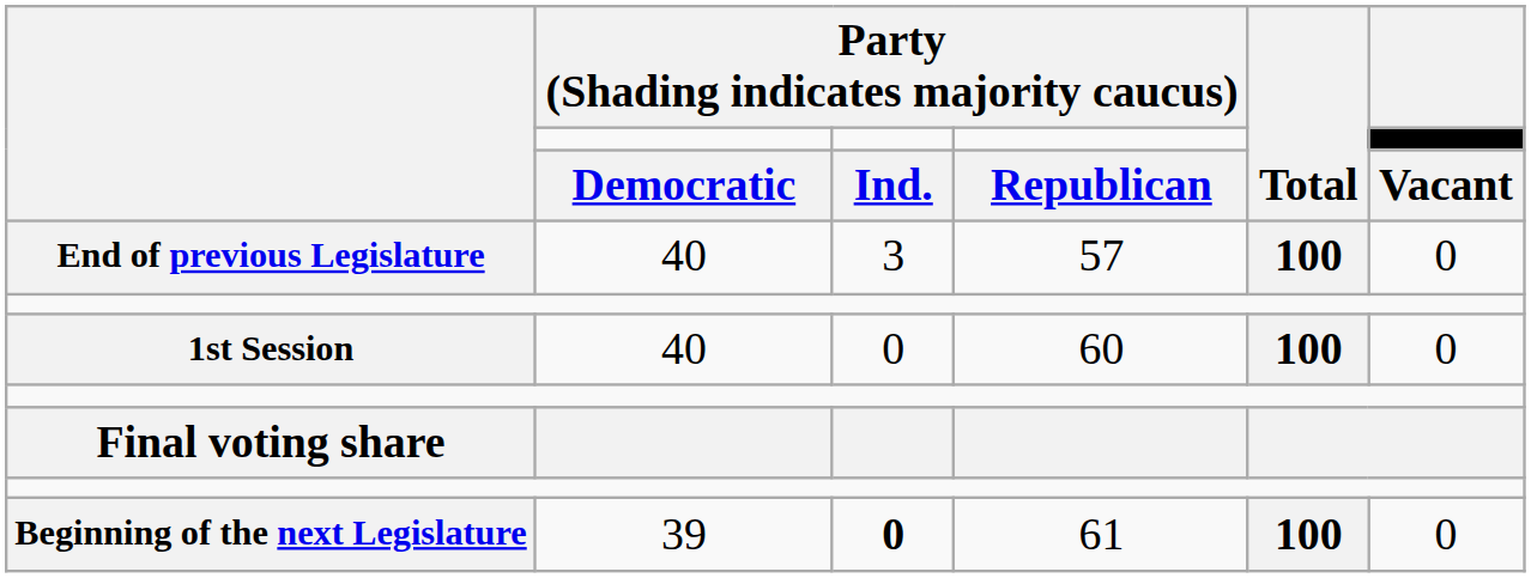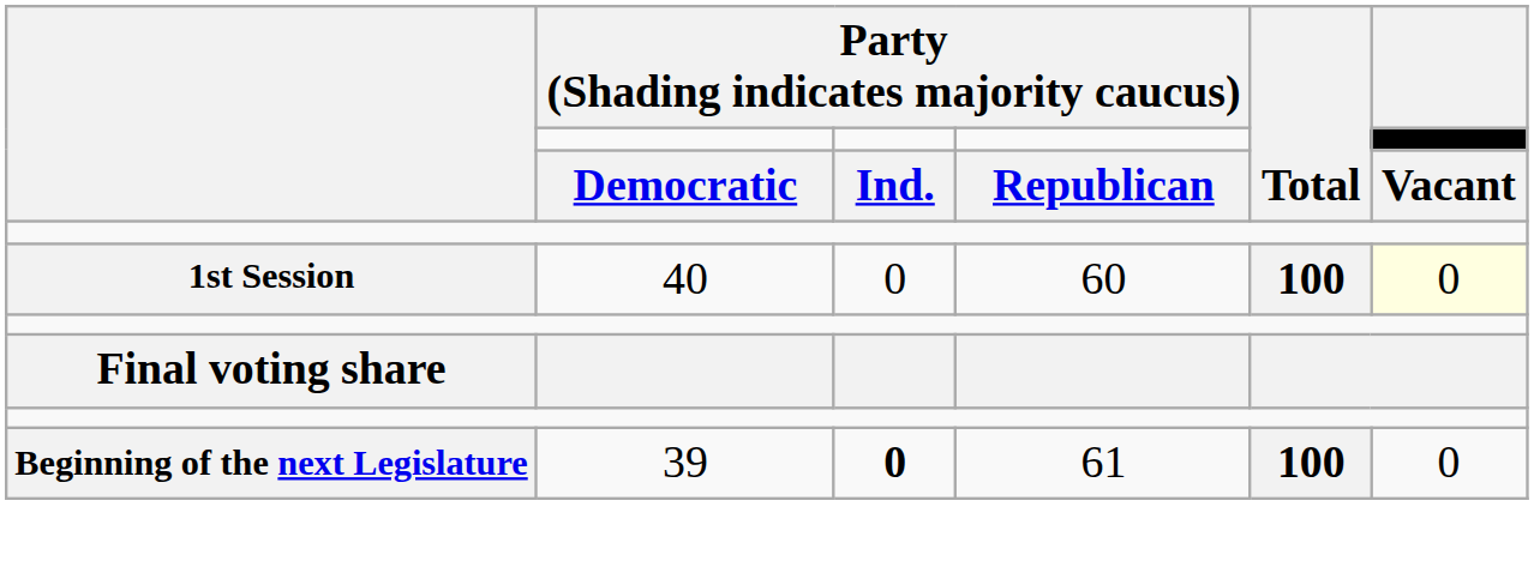 <table class=wikitable style="text-align:center">
 <tr style="vertical-align:bottom;">
 <th rowspan=3></th>
 <th colspan=3>Party <div>(Shading indicates majority caucus)</div></th>
 <th rowspan=3>Total</th>
 <th></th>
 </tr>
 <tr style="height:5px">
 <td style="background-color:"></td>
 <td style="background-color:"></td>
 <td style="background-color:"></td>
 <td style="background:black;"></td>
 </tr>
 <tr>
 <th><a href='#'>Democratic</a></th>
 <th><a href='#'>Ind.</a></th>
 <th><a href='#'>Republican</a></th>
 <th>Vacant</th>
 </tr>
 <tr>
-<th style="font-size:80%;">End of <a href='#'>previous Legislature</a></th>
-<td>40</td>
-<td>3</td>
-<td>57</td>
-<th>100</th>
-<td>0</td>
-</tr>
-<tr>
 <td colspan=6></td>
 </tr>
 <tr>
 <th style="font-size:80%;">1st Session</th>
 <td>40</td>
 <td>0</td>
 <td>60</td>
 <th>100</th>
-<td>0</td>
+<td style="background: lightyellow;">0</td>
 </tr>
 <tr>
 <td colspan=6></td>
 </tr>
 <tr>
 <th>Final voting share</th>
 <th></th>
 <th></th>
 <th></th>
 <th colspan=2></th>
 </tr>
 <tr>
 <td colspan=6></td>
 </tr>
 <tr>
 <th style="font-size:80%;">Beginning of the <a href='#'>next Legislature</a></th>
 <td>39</td>
 <td><strong>0</strong></td>
 <td>61</td>
 <th>100</th>
 <td>0</td>
 </tr>
 </table>
